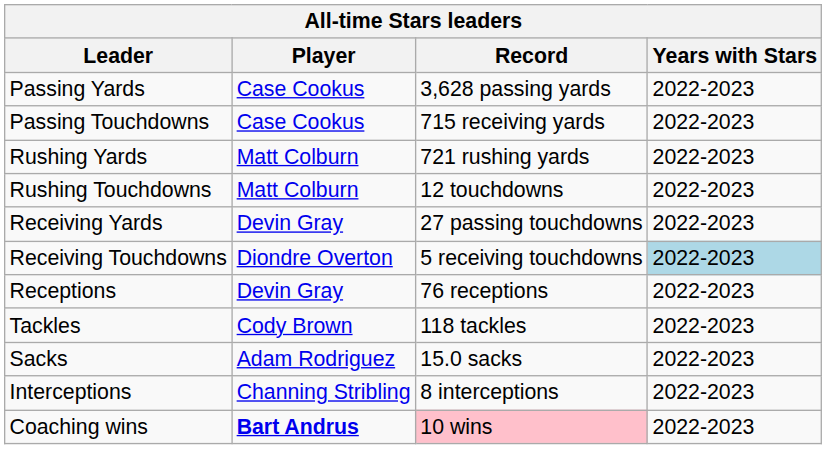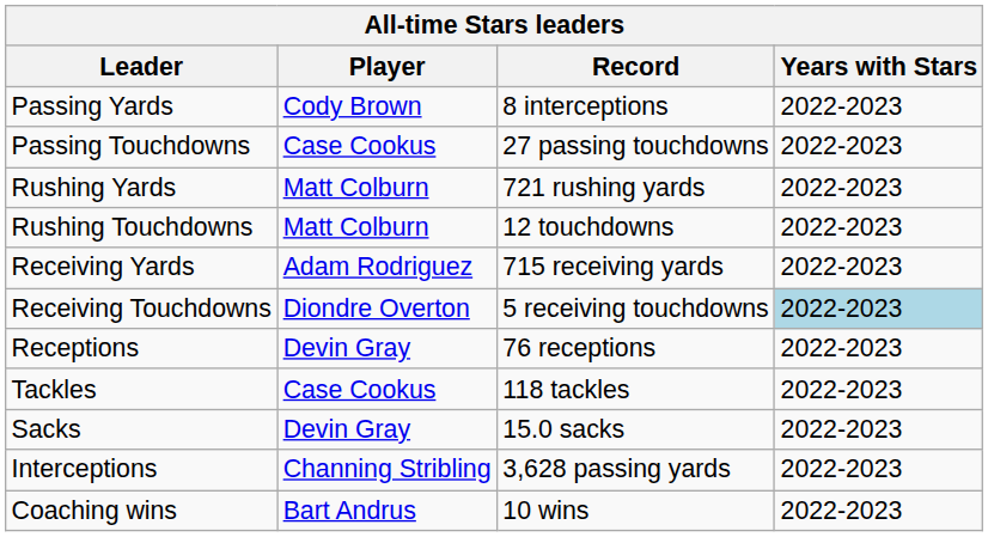 <table class="wikitable">
 <tr>
 <th colspan="5">All-time Stars leaders</th>
 </tr>
 <tr>
 <th>Leader</th>
 <th>Player</th>
 <th>Record</th>
 <th>Years with Stars</th>
 </tr>
 <tr>
 <td>Passing Yards</td>
-<td><a href='#'>Case Cookus</a></td>
-<td>3,628 passing yards</td>
+<td><a href='#'>Cody Brown</a></td>
+<td>8 interceptions</td>
 <td>2022-2023</td>
 </tr>
 <tr>
 <td>Passing Touchdowns</td>
 <td><a href='#'>Case Cookus</a></td>
-<td>715 receiving yards</td>
+<td>27 passing touchdowns</td>
 <td>2022-2023</td>
 </tr>
 <tr>
 <td>Rushing Yards</td>
 <td><a href='#'>Matt Colburn</a></td>
 <td>721 rushing yards</td>
 <td>2022-2023</td>
 </tr>
 <tr>
 <td>Rushing Touchdowns</td>
 <td><a href='#'>Matt Colburn</a></td>
 <td>12 touchdowns</td>
 <td>2022-2023</td>
 </tr>
 <tr>
 <td>Receiving Yards</td>
-<td><a href='#'>Devin Gray</a></td>
-<td>27 passing touchdowns</td>
+<td><a href='#'>Adam Rodriguez</a></td>
+<td>715 receiving yards</td>
 <td>2022-2023</td>
 </tr>
 <tr>
 <td>Receiving Touchdowns</td>
 <td><a href='#'>Diondre Overton</a></td>
 <td>5 receiving touchdowns</td>
 <td style="background: lightblue;">2022-2023</td>
 </tr>
 <tr>
 <td>Receptions</td>
 <td><a href='#'>Devin Gray</a></td>
 <td>76 receptions</td>
 <td>2022-2023</td>
 </tr>
 <tr>
 <td>Tackles</td>
-<td><a href='#'>Cody Brown</a></td>
+<td><a href='#'>Case Cookus</a></td>
 <td>118 tackles</td>
 <td>2022-2023</td>
 </tr>
 <tr>
 <td>Sacks</td>
-<td><a href='#'>Adam Rodriguez</a></td>
+<td><a href='#'>Devin Gray</a></td>
 <td>15.0 sacks</td>
 <td>2022-2023</td>
 </tr>
 <tr>
 <td>Interceptions</td>
 <td><a href='#'>Channing Stribling</a></td>
-<td>8 interceptions</td>
+<td>3,628 passing yards</td>
 <td>2022-2023</td>
 </tr>
 <tr>
 <td>Coaching wins</td>
-<td><strong><a href='#'>Bart Andrus</a></strong></td>
-<td style="background: pink;">10 wins</td>
+<td><a href='#'>Bart Andrus</a></td>
+<td>10 wins</td>
 <td>2022-2023</td>
 </tr>
 </table>
